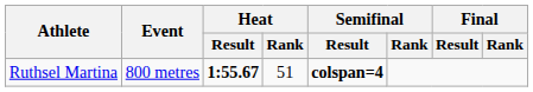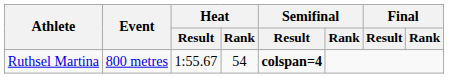 <table class=wikitable style=font-size:90%>
 <tr>
 <th rowspan=2>Athlete</th>
 <th rowspan=2>Event</th>
 <th colspan=2>Heat</th>
 <th colspan=2>Semifinal</th>
 <th colspan=2>Final</th>
 </tr>
 <tr style=font-size:95%>
 <th>Result</th>
 <th>Rank</th>
 <th>Result</th>
 <th>Rank</th>
 <th>Result</th>
 <th>Rank</th>
 </tr>
 <tr align=center>
 <td align=left><a href='#'>Ruthsel Martina</a></td>
 <td align=left><a href='#'>800 metres</a></td>
-<td><strong>1:55.67</strong></td>
-<td>51</td>
+<td>1:55.67</td>
+<td>54</td>
 <td><strong>colspan=4 </strong></td>
 </tr>
 </table>
